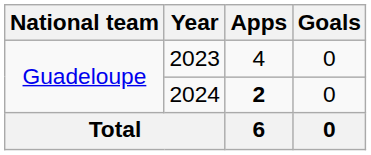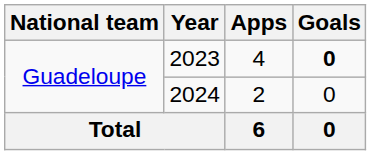 <table class=wikitable style=text-align:center>
 <tr>
 <th>National team</th>
 <th>Year</th>
 <th>Apps</th>
 <th>Goals</th>
 </tr>
 <tr>
 <td rowspan="2"><a href='#'>Guadeloupe</a></td>
 <td>2023</td>
 <td>4</td>
-<td>0</td>
+<td><strong>0</strong></td>
 </tr>
 <tr>
 <td>2024</td>
-<td><strong>2</strong></td>
+<td>2</td>
 <td>0</td>
 </tr>
 <tr>
 <th colspan="2">Total</th>
 <th>6</th>
 <th>0</th>
 </tr>
 </table>
